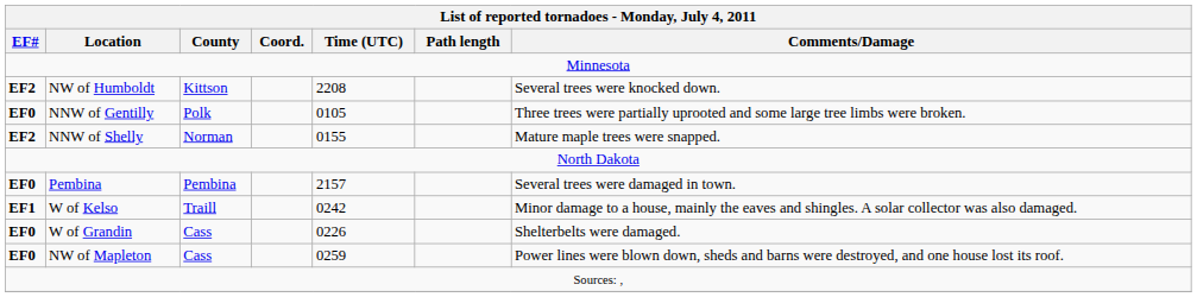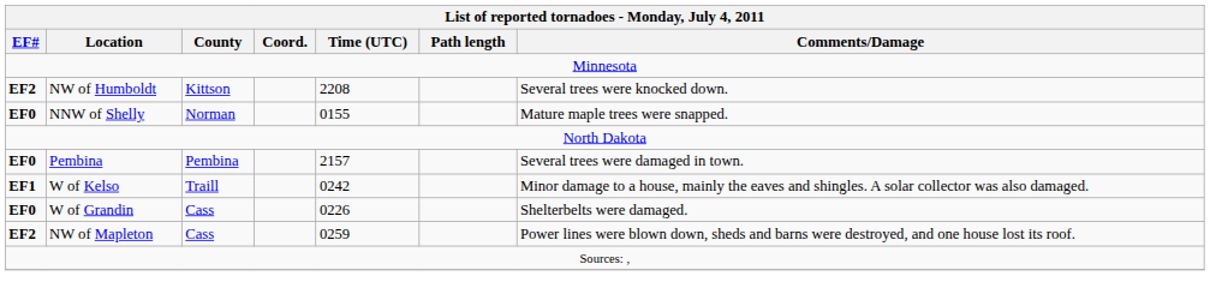 <table class="wikitable collapsible" width="100%">
 <tr>
 <th colspan="7">List of reported tornadoes - Monday, July 4, 2011</th>
 </tr>
 <tr>
 <th><a href='#'>EF#</a></th>
 <th>Location</th>
 <th>County</th>
 <th>Coord.</th>
 <th>Time (UTC)</th>
 <th>Path length</th>
 <th>Comments/Damage</th>
 </tr>
 <tr>
 <td colspan="7" align=center><a href='#'>Minnesota</a></td>
 </tr>
 <tr>
 <td><strong>EF2</strong></td>
 <td>NW of <a href='#'>Humboldt</a></td>
 <td><a href='#'>Kittson</a></td>
 <td></td>
 <td>2208</td>
 <td></td>
 <td>Several trees were knocked down.</td>
 </tr>
 <tr>
 <td><strong>EF0</strong></td>
-<td>NNW of <a href='#'>Gentilly</a></td>
-<td><a href='#'>Polk</a></td>
-<td></td>
-<td>0105</td>
-<td></td>
-<td>Three trees were partially uprooted and some large tree limbs were broken.</td>
-</tr>
-<tr>
-<td><strong>EF2</strong></td>
 <td>NNW of <a href='#'>Shelly</a></td>
 <td><a href='#'>Norman</a></td>
 <td></td>
 <td>0155</td>
 <td></td>
 <td>Mature maple trees were snapped.</td>
 </tr>
 <tr>
 <td colspan="7" align=center><a href='#'>North Dakota</a></td>
 </tr>
 <tr>
 <td><strong>EF0</strong></td>
 <td><a href='#'>Pembina</a></td>
 <td><a href='#'>Pembina</a></td>
 <td></td>
 <td>2157</td>
 <td></td>
 <td>Several trees were damaged in town.</td>
 </tr>
 <tr>
 <td><strong>EF1</strong></td>
 <td>W of <a href='#'>Kelso</a></td>
 <td><a href='#'>Traill</a></td>
 <td></td>
 <td>0242</td>
 <td></td>
 <td>Minor damage to a house, mainly the eaves and shingles. A solar collector was also damaged.</td>
 </tr>
 <tr>
 <td><strong>EF0</strong></td>
 <td>W of <a href='#'>Grandin</a></td>
 <td><a href='#'>Cass</a></td>
 <td></td>
 <td>0226</td>
 <td></td>
 <td>Shelterbelts were damaged.</td>
 </tr>
 <tr>
-<td><strong>EF0</strong></td>
+<td><strong>EF2</strong></td>
 <td>NW of <a href='#'>Mapleton</a></td>
 <td><a href='#'>Cass</a></td>
 <td></td>
 <td>0259</td>
 <td></td>
 <td>Power lines were blown down, sheds and barns were destroyed, and one house lost its roof.</td>
 </tr>
 <tr>
 <td colspan="7" align=center><small>Sources:  , </small></td>
 </tr>
 <tr>
 </tr>
 </table>
